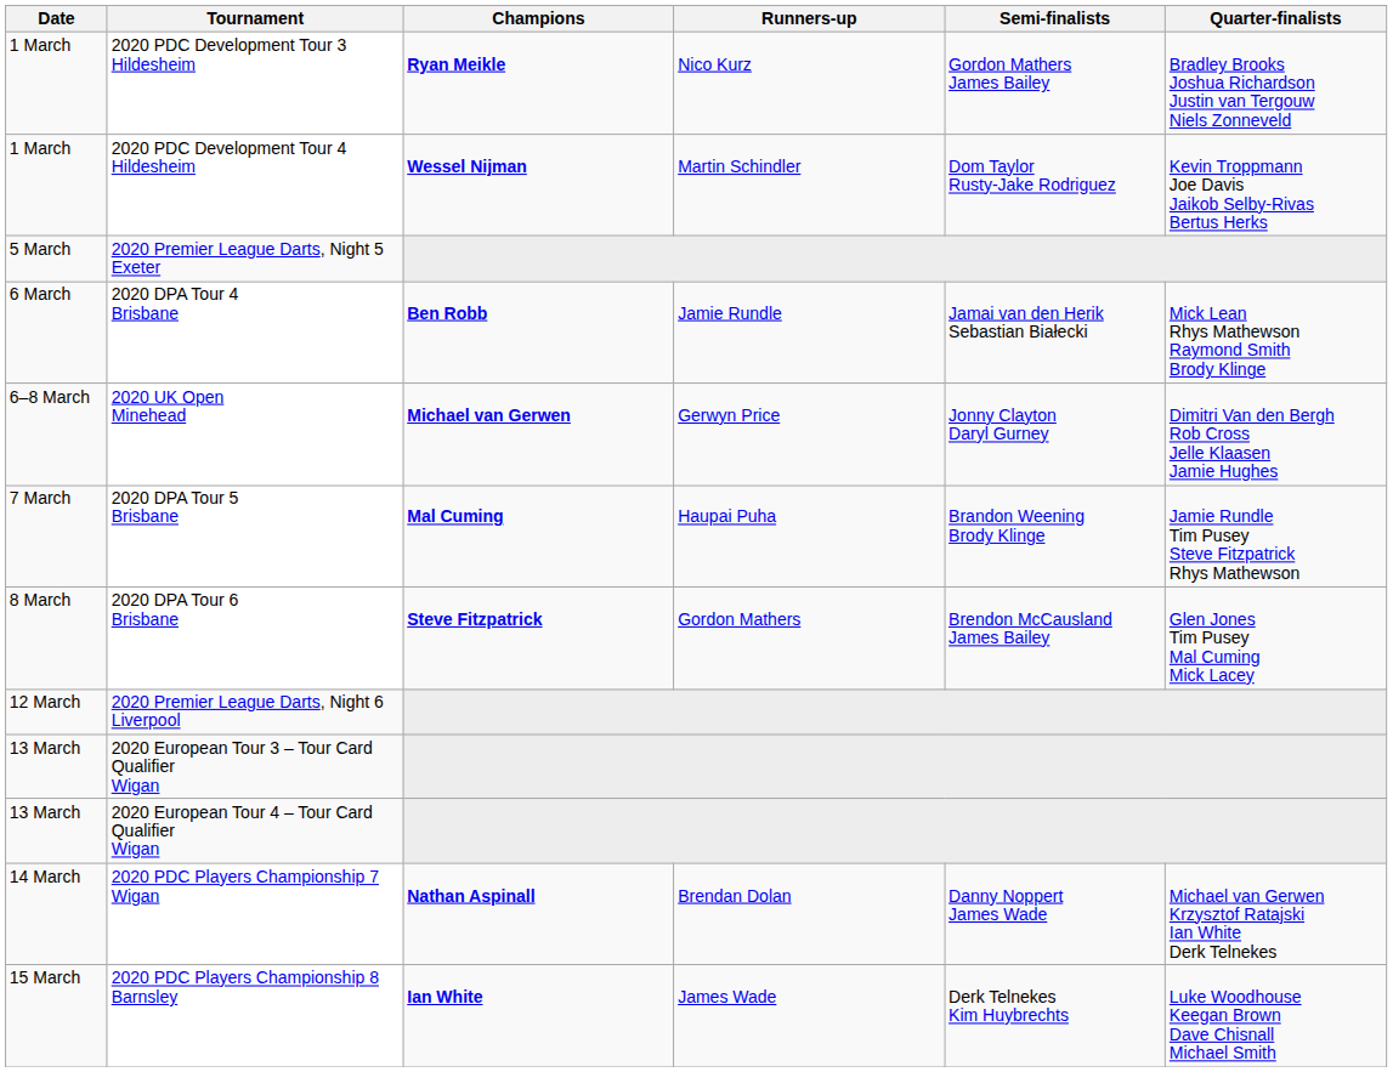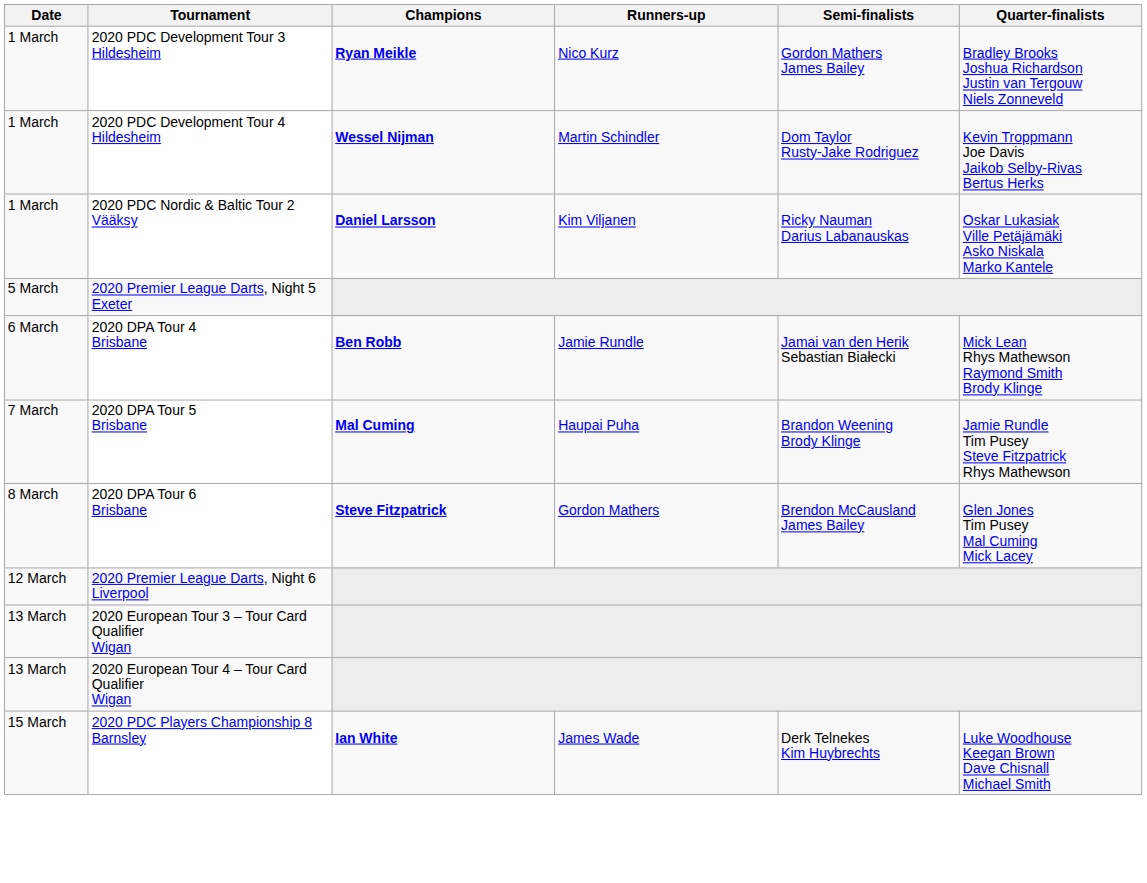 <table class=wikitable style=font-size:85%>
 <tr>
 <th width=75>Date</th>
 <th width=230>Tournament</th>
 <th width=210>Champions</th>
 <th width=210>Runners-up</th>
 <th width=170>Semi-finalists</th>
 <th width=170>Quarter-finalists</th>
 </tr>
 <tr valign="top">
 <td>1 March</td>
 <td bgcolor="#ffffff">2020 PDC Development Tour 3<br> <a href='#'>Hildesheim</a></td>
 <td><br> <strong><a href='#'>Ryan Meikle</a></strong></td>
 <td><br> <a href='#'>Nico Kurz</a></td>
 <td><br> <a href='#'>Gordon Mathers</a> <br>  <a href='#'>James Bailey</a> <br></td>
 <td><br> <a href='#'>Bradley Brooks</a> <br>  <a href='#'>Joshua Richardson</a> <br>  <a href='#'>Justin van Tergouw</a> <br>  <a href='#'>Niels Zonneveld</a></td>
 </tr>
 <tr valign="top">
 <td>1 March</td>
 <td bgcolor="#ffffff">2020 PDC Development Tour 4<br> <a href='#'>Hildesheim</a></td>
 <td><br> <strong><a href='#'>Wessel Nijman</a></strong></td>
 <td><br> <a href='#'>Martin Schindler</a></td>
 <td><br> <a href='#'>Dom Taylor</a> <br>  <a href='#'>Rusty-Jake Rodriguez</a></td>
 <td><br> <a href='#'>Kevin Troppmann</a> <br>  Joe Davis <br>  <a href='#'>Jaikob Selby-Rivas</a> <br>  <a href='#'>Bertus Herks</a></td>
 </tr>
 <tr valign="top">
+<td>1 March</td>
+<td bgcolor="#ffffff">2020 PDC Nordic & Baltic Tour 2<br> <a href='#'>Vääksy</a></td>
+<td><br> <strong><a href='#'>Daniel Larsson</a></strong></td>
+<td><br> <a href='#'>Kim Viljanen</a></td>
+<td><br> <a href='#'>Ricky Nauman</a> <br>  <a href='#'>Darius Labanauskas</a> <br></td>
+<td><br> <a href='#'>Oskar Lukasiak</a> <br>  <a href='#'>Ville Petäjämäki</a> <br>  <a href='#'>Asko Niskala</a> <br>  <a href='#'>Marko Kantele</a></td>
+</tr>
+<tr valign="top">
 <td rowspan=1>5 March</td>
 <td><a href='#'>2020 Premier League Darts</a>, Night 5 <br> <a href='#'>Exeter</a></td>
 <td colspan=4 bgcolor="#ededed"></td>
 </tr>
 <tr valign="top">
 <td>6 March</td>
 <td bgcolor="#ffffff">2020 DPA Tour 4<br> <a href='#'>Brisbane</a></td>
 <td><br> <strong><a href='#'>Ben Robb</a></strong></td>
 <td><br> <a href='#'>Jamie Rundle</a></td>
 <td><br> <a href='#'>Jamai van den Herik</a> <br>  Sebastian Białecki</td>
 <td><br> <a href='#'>Mick Lean</a> <br>  Rhys Mathewson <br>  <a href='#'>Raymond Smith</a> <br>  <a href='#'>Brody Klinge</a></td>
-</tr>
-<tr valign="top">
-<td>6–8 March</td>
-<td bgcolor="#ffffff"><a href='#'>2020 UK Open</a><br> <a href='#'>Minehead</a></td>
-<td><br> <strong><a href='#'>Michael van Gerwen</a></strong></td>
-<td><br> <a href='#'>Gerwyn Price</a></td>
-<td><br> <a href='#'>Jonny Clayton</a> <br>  <a href='#'>Daryl Gurney</a> <br></td>
-<td><br> <a href='#'>Dimitri Van den Bergh</a> <br>  <a href='#'>Rob Cross</a> <br>  <a href='#'>Jelle Klaasen</a> <br>  <a href='#'>Jamie Hughes</a></td>
 </tr>
 <tr valign="top">
 <td>7 March</td>
 <td bgcolor="#ffffff">2020 DPA Tour 5<br> <a href='#'>Brisbane</a></td>
 <td><br> <strong><a href='#'>Mal Cuming</a></strong></td>
 <td><br> <a href='#'>Haupai Puha</a></td>
 <td><br> <a href='#'>Brandon Weening</a> <br>  <a href='#'>Brody Klinge</a> <br></td>
 <td><br> <a href='#'>Jamie Rundle</a> <br>  Tim Pusey <br>  <a href='#'>Steve Fitzpatrick</a> <br>  Rhys Mathewson</td>
 </tr>
 <tr valign="top">
 <td>8 March</td>
 <td bgcolor="#ffffff">2020 DPA Tour 6<br> <a href='#'>Brisbane</a></td>
 <td><br> <strong><a href='#'>Steve Fitzpatrick</a></strong></td>
 <td><br> <a href='#'>Gordon Mathers</a></td>
 <td><br> <a href='#'>Brendon McCausland</a> <br>  <a href='#'>James Bailey</a> <br></td>
 <td><br> <a href='#'>Glen Jones</a> <br>  Tim Pusey <br>  <a href='#'>Mal Cuming</a> <br>  <a href='#'>Mick Lacey</a></td>
 </tr>
 <tr valign="top">
 <td rowspan=1>12 March</td>
 <td><a href='#'>2020 Premier League Darts</a>, Night 6 <br> <a href='#'>Liverpool</a></td>
 <td colspan=4 bgcolor="#ededed"></td>
 </tr>
 <tr valign="top">
 <td rowspan=1>13 March</td>
 <td>2020 European Tour 3 – Tour Card Qualifier <br> <a href='#'>Wigan</a></td>
 <td colspan=4 bgcolor="#ededed"></td>
 </tr>
 <tr valign="top">
 <td rowspan=1>13 March</td>
 <td>2020 European Tour 4 – Tour Card Qualifier <br> <a href='#'>Wigan</a></td>
 <td colspan=4 bgcolor="#ededed"></td>
 </tr>
 <tr valign="top">
-<td>14 March</td>
-<td bgcolor="#ffffff"><a href='#'>2020 PDC Players Championship 7</a><br> <a href='#'>Wigan</a></td>
-<td><br> <strong><a href='#'>Nathan Aspinall</a></strong></td>
-<td><br> <a href='#'>Brendan Dolan</a></td>
-<td><br> <a href='#'>Danny Noppert</a> <br>  <a href='#'>James Wade</a> <br></td>
-<td><br> <a href='#'>Michael van Gerwen</a> <br>  <a href='#'>Krzysztof Ratajski</a> <br>  <a href='#'>Ian White</a> <br>  Derk Telnekes</td>
-</tr>
-<tr valign="top">
 <td>15 March</td>
 <td bgcolor="#ffffff"><a href='#'>2020 PDC Players Championship 8</a><br> <a href='#'>Barnsley</a></td>
 <td><br> <strong><a href='#'>Ian White</a></strong></td>
 <td><br> <a href='#'>James Wade</a></td>
 <td><br> Derk Telnekes <br>  <a href='#'>Kim Huybrechts</a> <br></td>
 <td><br> <a href='#'>Luke Woodhouse</a> <br>  <a href='#'>Keegan Brown</a> <br>  <a href='#'>Dave Chisnall</a> <br>  <a href='#'>Michael Smith</a></td>
 </tr>
 </table>
